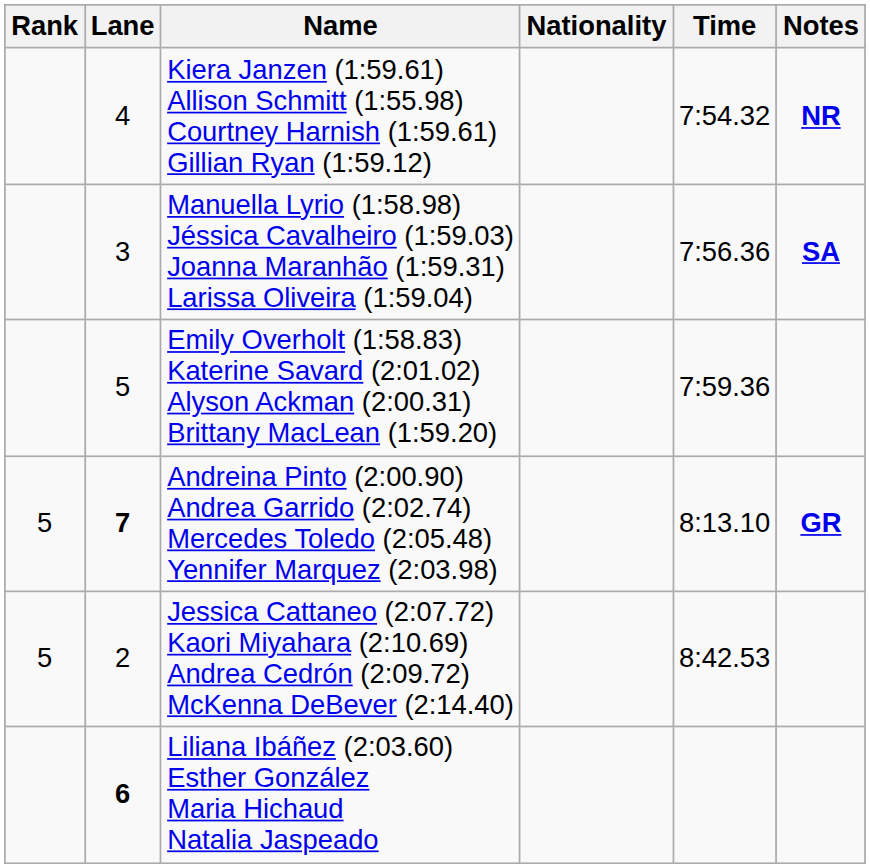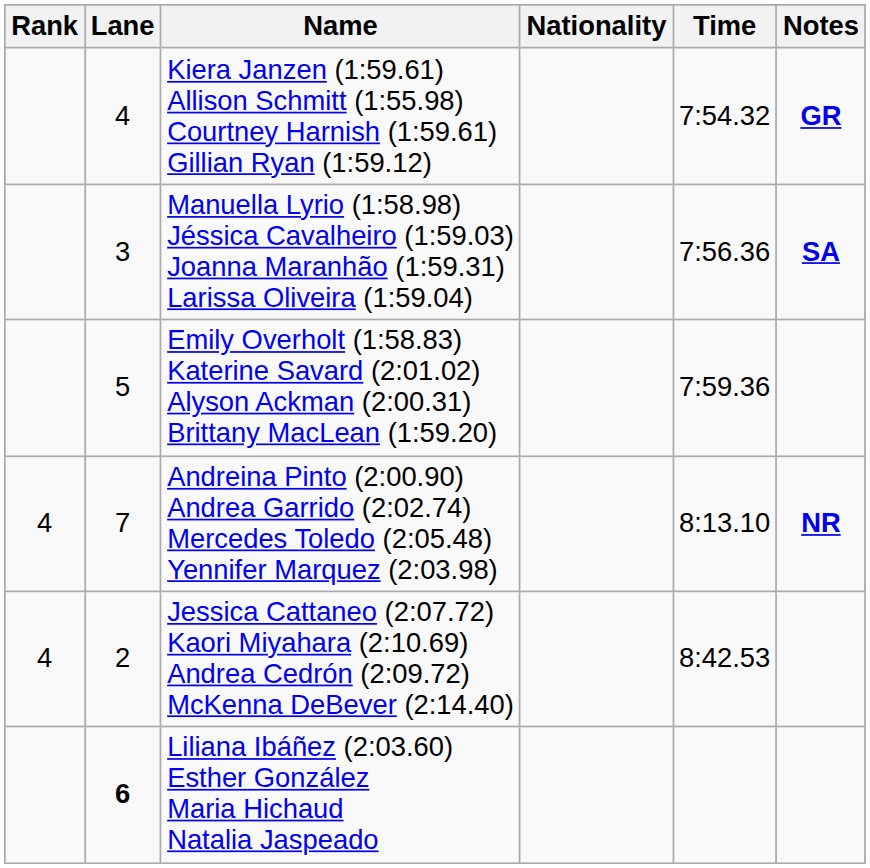 <table class="wikitable sortable" style="text-align:center">
 <tr>
 <th>Rank</th>
 <th>Lane</th>
 <th>Name</th>
 <th>Nationality</th>
 <th>Time</th>
 <th>Notes</th>
 </tr>
 <tr>
 <td></td>
 <td>4</td>
 <td align=left><a href='#'>Kiera Janzen</a> (1:59.61)<br><a href='#'>Allison Schmitt</a> (1:55.98)<br><a href='#'>Courtney Harnish</a> (1:59.61)<br><a href='#'>Gillian Ryan</a> (1:59.12)</td>
 <td align=left></td>
 <td>7:54.32</td>
-<td><strong><a href='#'>NR</a></strong></td>
+<td><strong><a href='#'>GR</a></strong></td>
 </tr>
 <tr>
 <td></td>
 <td>3</td>
 <td align=left><a href='#'>Manuella Lyrio</a> (1:58.98)<br><a href='#'>Jéssica Cavalheiro</a> (1:59.03)<br><a href='#'>Joanna Maranhão</a> (1:59.31)<br><a href='#'>Larissa Oliveira</a> (1:59.04)</td>
 <td align=left></td>
 <td>7:56.36</td>
 <td><strong><a href='#'>SA</a></strong></td>
 </tr>
 <tr>
 <td></td>
 <td>5</td>
 <td align=left><a href='#'>Emily Overholt</a> (1:58.83)<br><a href='#'>Katerine Savard</a> (2:01.02)<br><a href='#'>Alyson Ackman</a> (2:00.31)<br><a href='#'>Brittany MacLean</a> (1:59.20)</td>
 <td align=left></td>
 <td>7:59.36</td>
 <td></td>
 </tr>
 <tr>
-<td>5</td>
-<td><strong>7</strong></td>
+<td>4</td>
+<td>7</td>
 <td align=left><a href='#'>Andreina Pinto</a> (2:00.90)<br><a href='#'>Andrea Garrido</a> (2:02.74)<br><a href='#'>Mercedes Toledo</a> (2:05.48)<br><a href='#'>Yennifer Marquez</a> (2:03.98)</td>
 <td align=left></td>
 <td>8:13.10</td>
-<td><strong><a href='#'>GR</a></strong></td>
+<td><strong><a href='#'>NR</a></strong></td>
 </tr>
 <tr>
-<td>5</td>
+<td>4</td>
 <td>2</td>
 <td align=left><a href='#'>Jessica Cattaneo</a> (2:07.72)<br><a href='#'>Kaori Miyahara</a> (2:10.69)<br><a href='#'>Andrea Cedrón</a> (2:09.72)<br><a href='#'>McKenna DeBever</a> (2:14.40)</td>
 <td align=left></td>
 <td>8:42.53</td>
 <td></td>
 </tr>
 <tr>
 <td></td>
 <td><strong>6</strong></td>
 <td align=left><a href='#'>Liliana Ibáñez</a> (2:03.60)<br><a href='#'>Esther González</a> <br><a href='#'>Maria Hichaud</a> <br><a href='#'>Natalia Jaspeado</a></td>
 <td align=left></td>
 <td></td>
 <td></td>
 </tr>
 </table>
